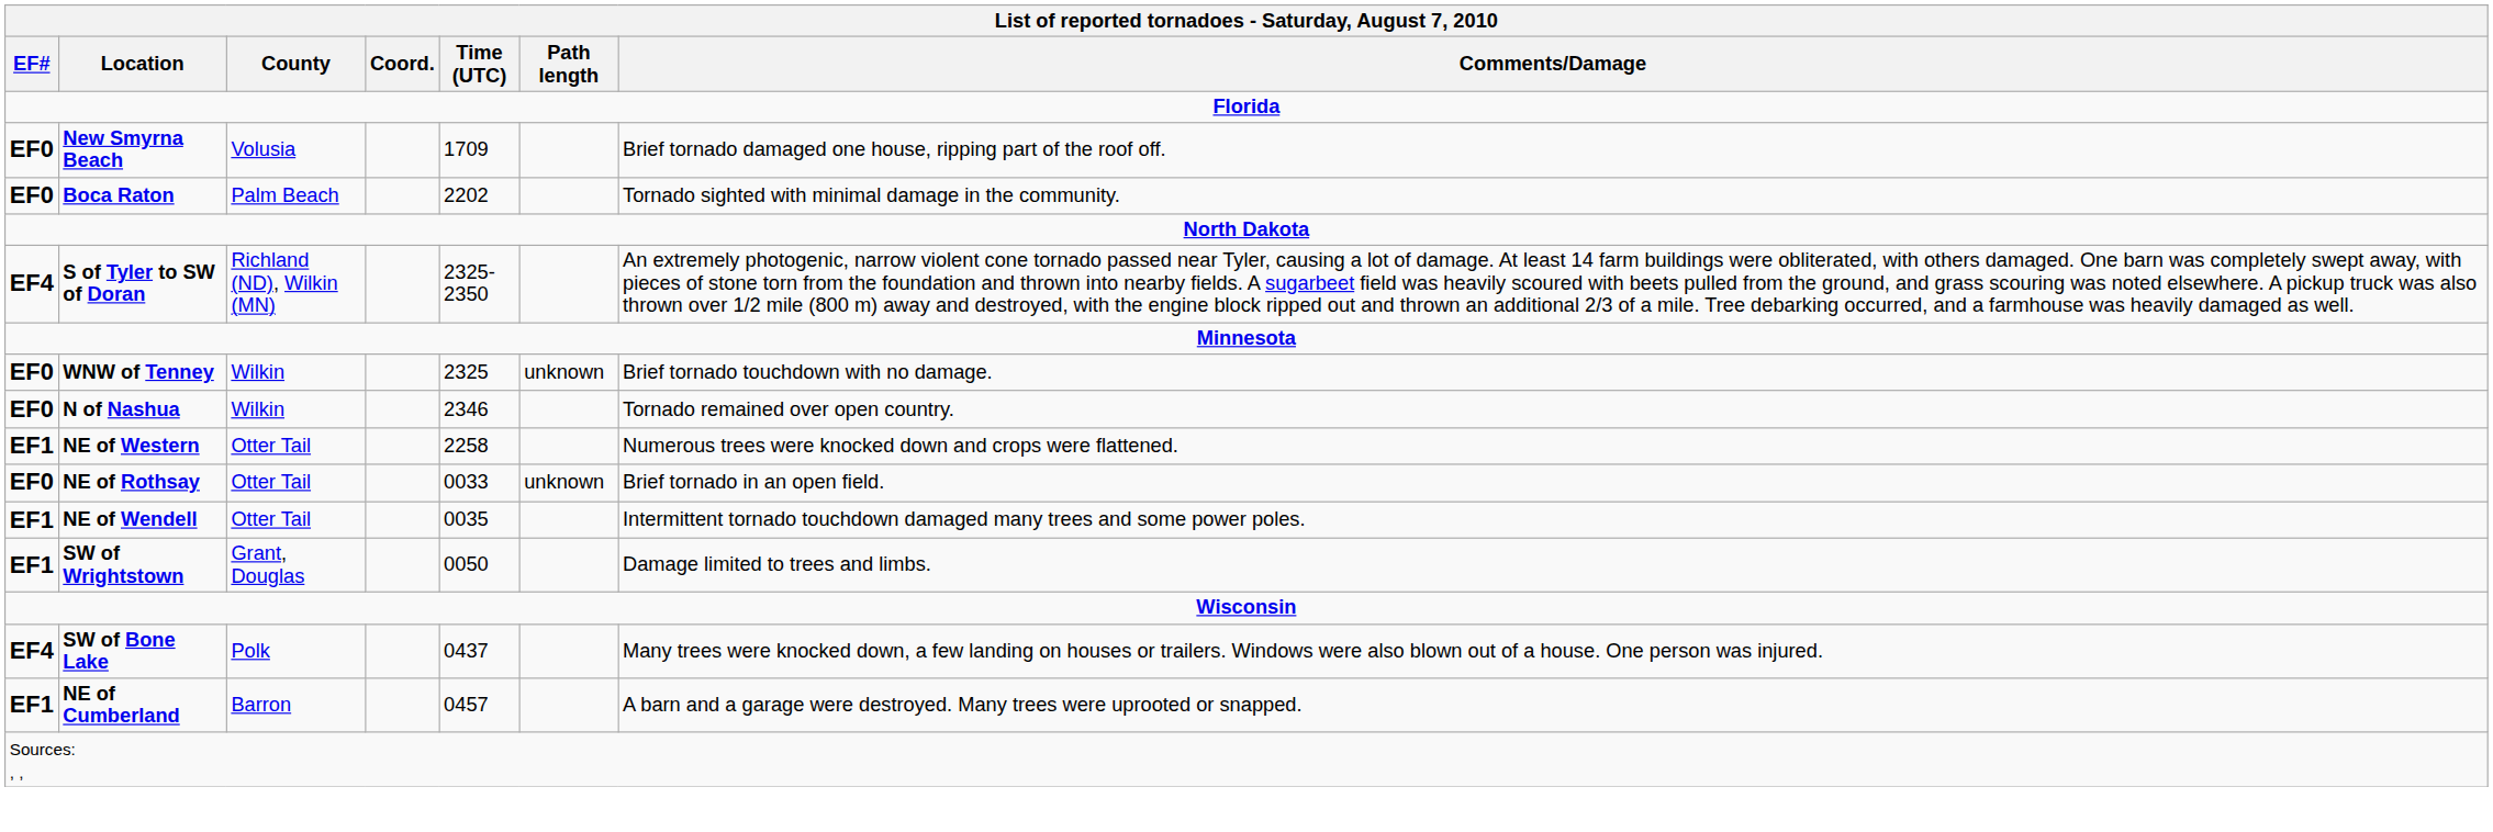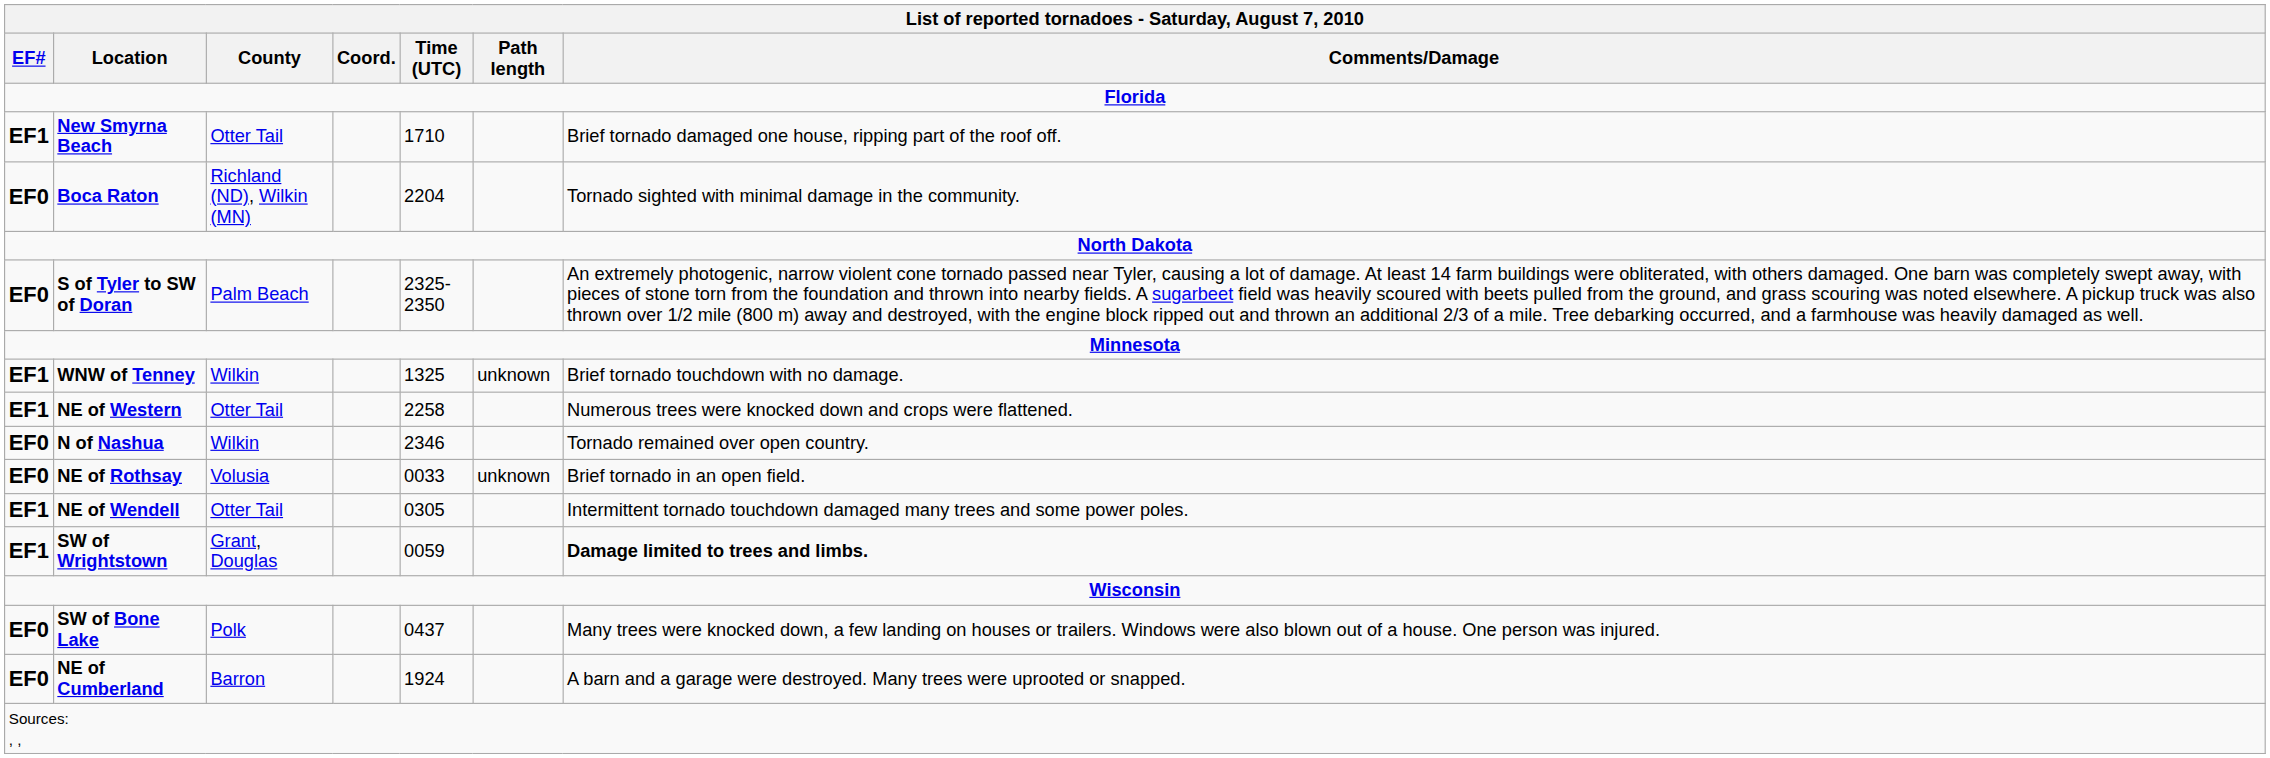 <table class="wikitable collapsible" width="100%">
 <tr>
 <th colspan="7">List of reported tornadoes - Saturday, August 7, 2010</th>
 </tr>
 <tr>
 <th><a href='#'>EF#</a></th>
 <th>Location</th>
 <th>County</th>
 <th>Coord.</th>
 <th>Time (UTC)</th>
 <th>Path length</th>
 <th>Comments/Damage</th>
 </tr>
 <tr>
 <td colspan="7" align=center><strong><a href='#'>Florida</a></strong></td>
 </tr>
 <tr>
-<td><big><strong>EF0</strong></big></td>
+<td><big><strong>EF1</strong></big></td>
 <td><strong><a href='#'>New Smyrna Beach</a></strong></td>
-<td><a href='#'>Volusia</a></td>
+<td><a href='#'>Otter Tail</a></td>
 <td></td>
-<td>1709</td>
+<td>1710</td>
 <td></td>
 <td>Brief tornado damaged one house, ripping part of the roof off.</td>
 </tr>
 <tr>
 <td><big><strong>EF0</strong></big></td>
 <td><strong><a href='#'>Boca Raton</a></strong></td>
-<td><a href='#'>Palm Beach</a></td>
+<td><a href='#'>Richland (ND)</a>, <a href='#'>Wilkin (MN)</a></td>
 <td></td>
-<td>2202</td>
+<td>2204</td>
 <td></td>
 <td>Tornado sighted with minimal damage in the community.</td>
 </tr>
 <tr>
 <td colspan="7" align=center><strong><a href='#'>North Dakota</a></strong></td>
 </tr>
 <tr>
-<td><big><strong>EF4</strong></big></td>
+<td><big><strong>EF0</strong></big></td>
 <td><strong>S of <a href='#'>Tyler</a> to SW of <a href='#'>Doran</a></strong></td>
-<td><a href='#'>Richland (ND)</a>, <a href='#'>Wilkin (MN)</a></td>
+<td><a href='#'>Palm Beach</a></td>
 <td></td>
 <td>2325-2350</td>
 <td></td>
 <td>An extremely photogenic, narrow violent cone tornado passed near Tyler, causing a lot of damage. At least 14 farm buildings were obliterated, with others damaged. One barn was completely swept away, with pieces of stone torn from the foundation and thrown into nearby fields. A <a href='#'>sugarbeet</a> field was heavily scoured with beets pulled from the ground, and grass scouring was noted elsewhere. A pickup truck was also thrown over 1/2 mile (800 m) away and destroyed, with the engine block ripped out and thrown an additional 2/3 of a mile. Tree debarking occurred, and a farmhouse was heavily damaged as well.</td>
 </tr>
 <tr>
 <td colspan="7" align=center><strong><a href='#'>Minnesota</a></strong></td>
 </tr>
 <tr>
-<td><big><strong>EF0</strong></big></td>
+<td><big><strong>EF1</strong></big></td>
 <td><strong>WNW of <a href='#'>Tenney</a></strong></td>
 <td><a href='#'>Wilkin</a></td>
 <td></td>
-<td>2325</td>
+<td>1325</td>
 <td>unknown</td>
 <td>Brief tornado touchdown with no damage.</td>
-</tr>
-<tr>
-<td><big><strong>EF0</strong></big></td>
-<td><strong>N of <a href='#'>Nashua</a></strong></td>
-<td><a href='#'>Wilkin</a></td>
-<td></td>
-<td>2346</td>
-<td></td>
-<td>Tornado remained over open country.</td>
 </tr>
 <tr>
 <td><big><strong>EF1</strong></big></td>
 <td><strong>NE of <a href='#'>Western</a></strong></td>
 <td><a href='#'>Otter Tail</a></td>
 <td></td>
 <td>2258</td>
 <td></td>
 <td>Numerous trees were knocked down and crops were flattened.</td>
 </tr>
 <tr>
 <td><big><strong>EF0</strong></big></td>
+<td><strong>N of <a href='#'>Nashua</a></strong></td>
+<td><a href='#'>Wilkin</a></td>
+<td></td>
+<td>2346</td>
+<td></td>
+<td>Tornado remained over open country.</td>
+</tr>
+<tr>
+<td><big><strong>EF0</strong></big></td>
 <td><strong>NE of <a href='#'>Rothsay</a></strong></td>
-<td><a href='#'>Otter Tail</a></td>
+<td><a href='#'>Volusia</a></td>
 <td></td>
 <td>0033</td>
 <td>unknown</td>
 <td>Brief tornado in an open field.</td>
 </tr>
 <tr>
 <td><big><strong>EF1</strong></big></td>
 <td><strong>NE of <a href='#'>Wendell</a></strong></td>
 <td><a href='#'>Otter Tail</a></td>
 <td></td>
-<td>0035</td>
+<td>0305</td>
 <td></td>
 <td>Intermittent tornado touchdown damaged many trees and some power poles.</td>
 </tr>
 <tr>
 <td><big><strong>EF1</strong></big></td>
 <td><strong>SW of <a href='#'>Wrightstown</a></strong></td>
 <td><a href='#'>Grant</a>, <a href='#'>Douglas</a></td>
 <td></td>
-<td>0050</td>
+<td>0059</td>
 <td></td>
-<td>Damage limited to trees and limbs.</td>
+<td><strong>Damage limited to trees and limbs.</strong></td>
 </tr>
 <tr>
 <td colspan="7" align=center><strong><a href='#'>Wisconsin</a></strong></td>
 </tr>
 <tr>
-<td><big><strong>EF4</strong></big></td>
+<td><big><strong>EF0</strong></big></td>
 <td><strong>SW of <a href='#'>Bone Lake</a></strong></td>
 <td><a href='#'>Polk</a></td>
 <td></td>
 <td>0437</td>
 <td></td>
 <td>Many trees were knocked down, a few landing on houses or trailers. Windows were also blown out of a house. One person was injured.</td>
 </tr>
 <tr>
-<td><big><strong>EF1</strong></big></td>
+<td><big><strong>EF0</strong></big></td>
 <td><strong>NE of <a href='#'>Cumberland</a></strong></td>
 <td><a href='#'>Barron</a></td>
 <td></td>
-<td>0457</td>
+<td>1924</td>
 <td></td>
 <td>A barn and a garage were destroyed. Many trees were uprooted or snapped.</td>
 </tr>
 <tr>
 <td colspan="7"><small>Sources:<br>, , </small></td>
 </tr>
 </table>
